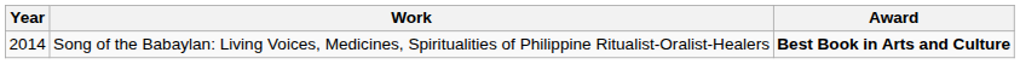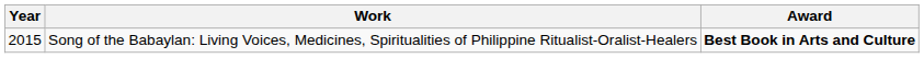 <table class="wikitable" style="text-align: center;">
 <tr>
 <th>Year</th>
 <th>Work</th>
 <th>Award</th>
 </tr>
 <tr>
-<td>2014</td>
+<td>2015</td>
 <td>Song of the Babaylan: Living Voices, Medicines, Spiritualities of Philippine Ritualist-Oralist-Healers</td>
 <td><strong>Best Book in Arts and Culture</strong></td>
 </tr>
 </table>
